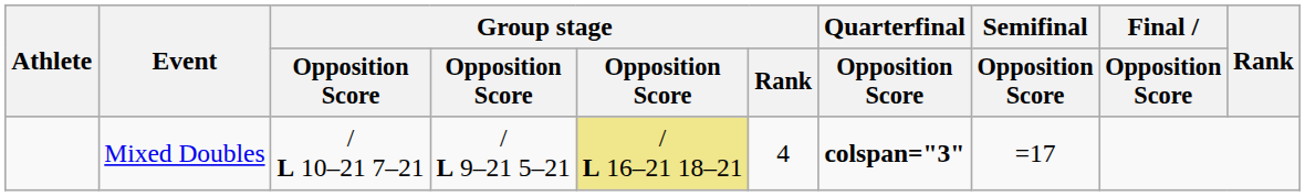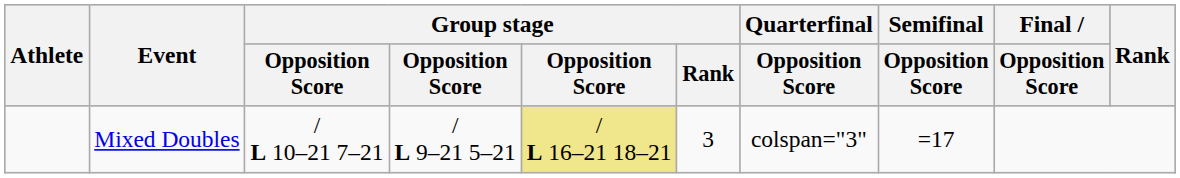 <table class="wikitable" style="font-size:90%">
 <tr>
 <th rowspan=2>Athlete</th>
 <th rowspan=2>Event</th>
 <th colspan=4>Group stage</th>
 <th>Quarterfinal</th>
 <th>Semifinal</th>
 <th>Final / </th>
 <th rowspan=2>Rank</th>
 </tr>
 <tr style="font-size:95%">
 <th>Opposition<br>Score</th>
 <th>Opposition<br>Score</th>
 <th>Opposition<br>Score</th>
 <th>Rank</th>
 <th>Opposition<br>Score</th>
 <th>Opposition<br>Score</th>
 <th>Opposition<br>Score</th>
 </tr>
 <tr align=center>
 <td align=left><br></td>
 <td align=left><a href='#'>Mixed Doubles</a></td>
 <td>/<br><strong>L</strong> 10–21 7–21</td>
 <td>/<br><strong>L</strong> 9–21 5–21</td>
 <td style="background: khaki;">/<br><strong>L</strong> 16–21 18–21</td>
-<td>4</td>
-<td><strong>colspan="3" </strong></td>
+<td>3</td>
+<td>colspan="3" </td>
 <td>=17</td>
 </tr>
 </table>
